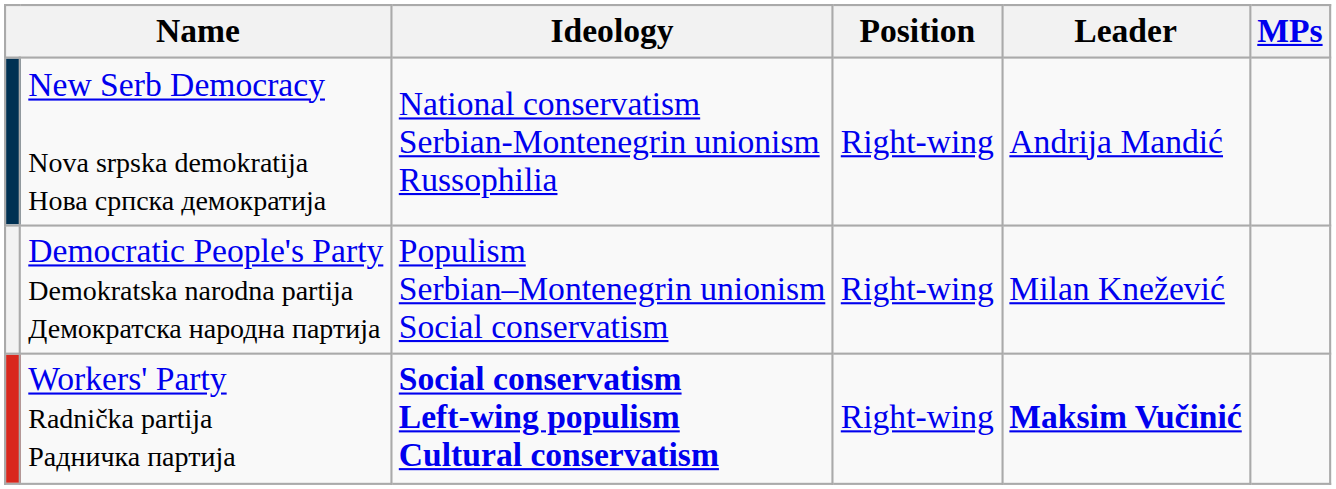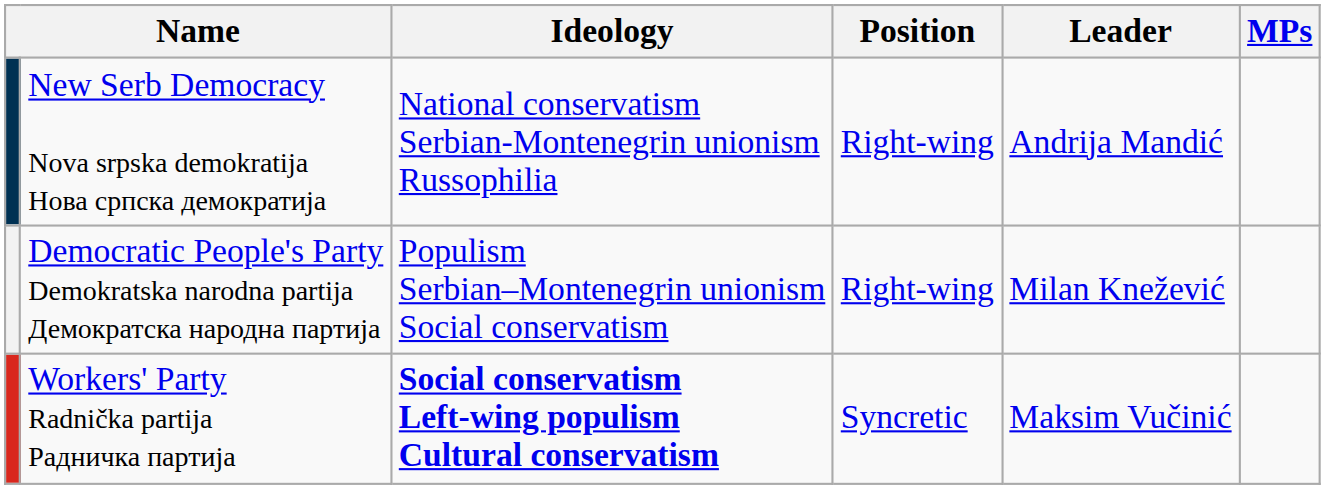 <table class="wikitable">
 <tr>
 <th colspan="2">Name</th>
 <th>Ideology</th>
 <th>Position</th>
 <th>Leader</th>
 <th><a href='#'>MPs</a></th>
 </tr>
 <tr>
 <th style="background-color:#003153;"></th>
 <td><a href='#'>New Serb Democracy</a><br><br><small>Nova srpska demokratija<br>Нова српска демократија</small></td>
 <td><a href='#'>National conservatism</a><br><a href='#'>Serbian-Montenegrin unionism</a><br><a href='#'>Russophilia</a></td>
 <td><a href='#'>Right-wing</a></td>
 <td><a href='#'>Andrija Mandić</a></td>
 <td></td>
 </tr>
 <tr>
 <th style="background-color:"></th>
 <td><a href='#'>Democratic People's Party</a><br><small>Demokratska narodna partija<br>Демократска народна партија</small></td>
 <td><a href='#'>Populism</a><br><a href='#'>Serbian–Montenegrin unionism</a><br><a href='#'>Social conservatism</a></td>
 <td><a href='#'>Right-wing</a></td>
 <td><a href='#'>Milan Knežević</a></td>
 <td></td>
 </tr>
 <tr>
 <th style="background-color:#D9271D;"></th>
 <td><a href='#'>Workers' Party</a><br><small>Radnička partija<br>Радничка партија</small></td>
 <td><strong><a href='#'>Social conservatism</a><br><a href='#'>Left-wing populism</a><br><a href='#'>Cultural conservatism</a></strong></td>
-<td><a href='#'>Right-wing</a></td>
-<td><strong><a href='#'>Maksim Vučinić</a></strong></td>
+<td><a href='#'>Syncretic</a></td>
+<td><a href='#'>Maksim Vučinić</a></td>
 <td></td>
 </tr>
 </table>
